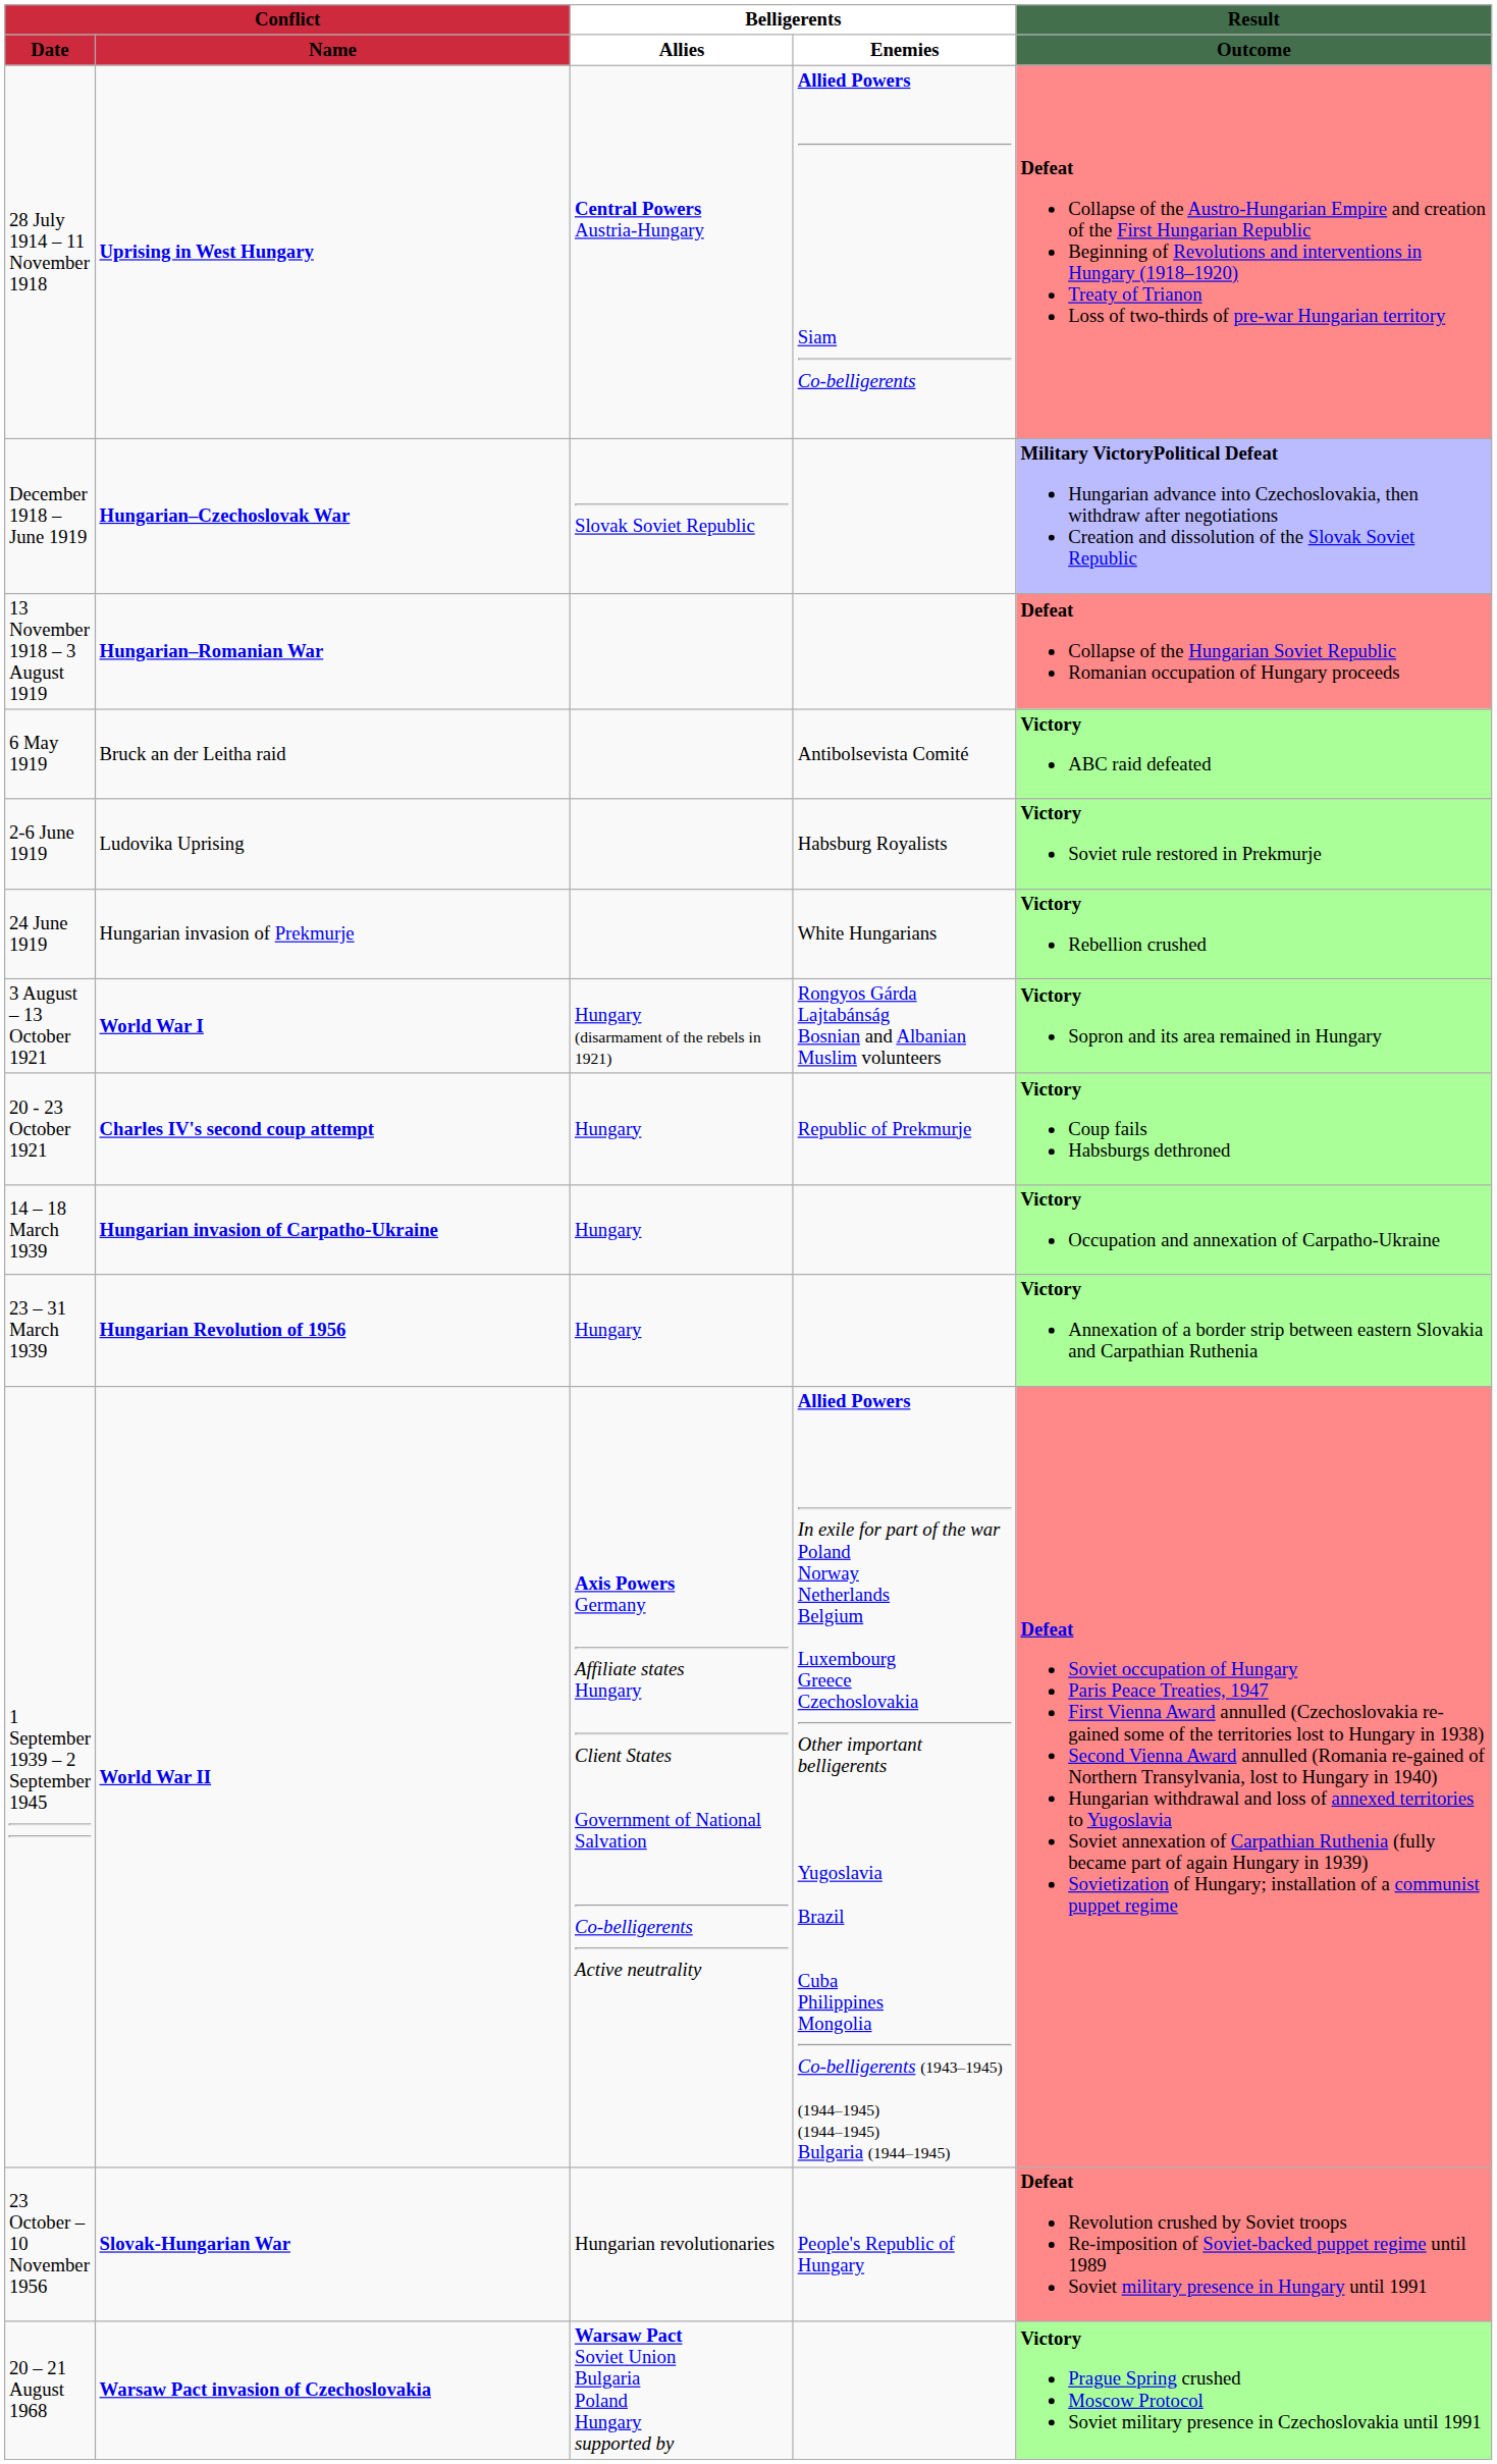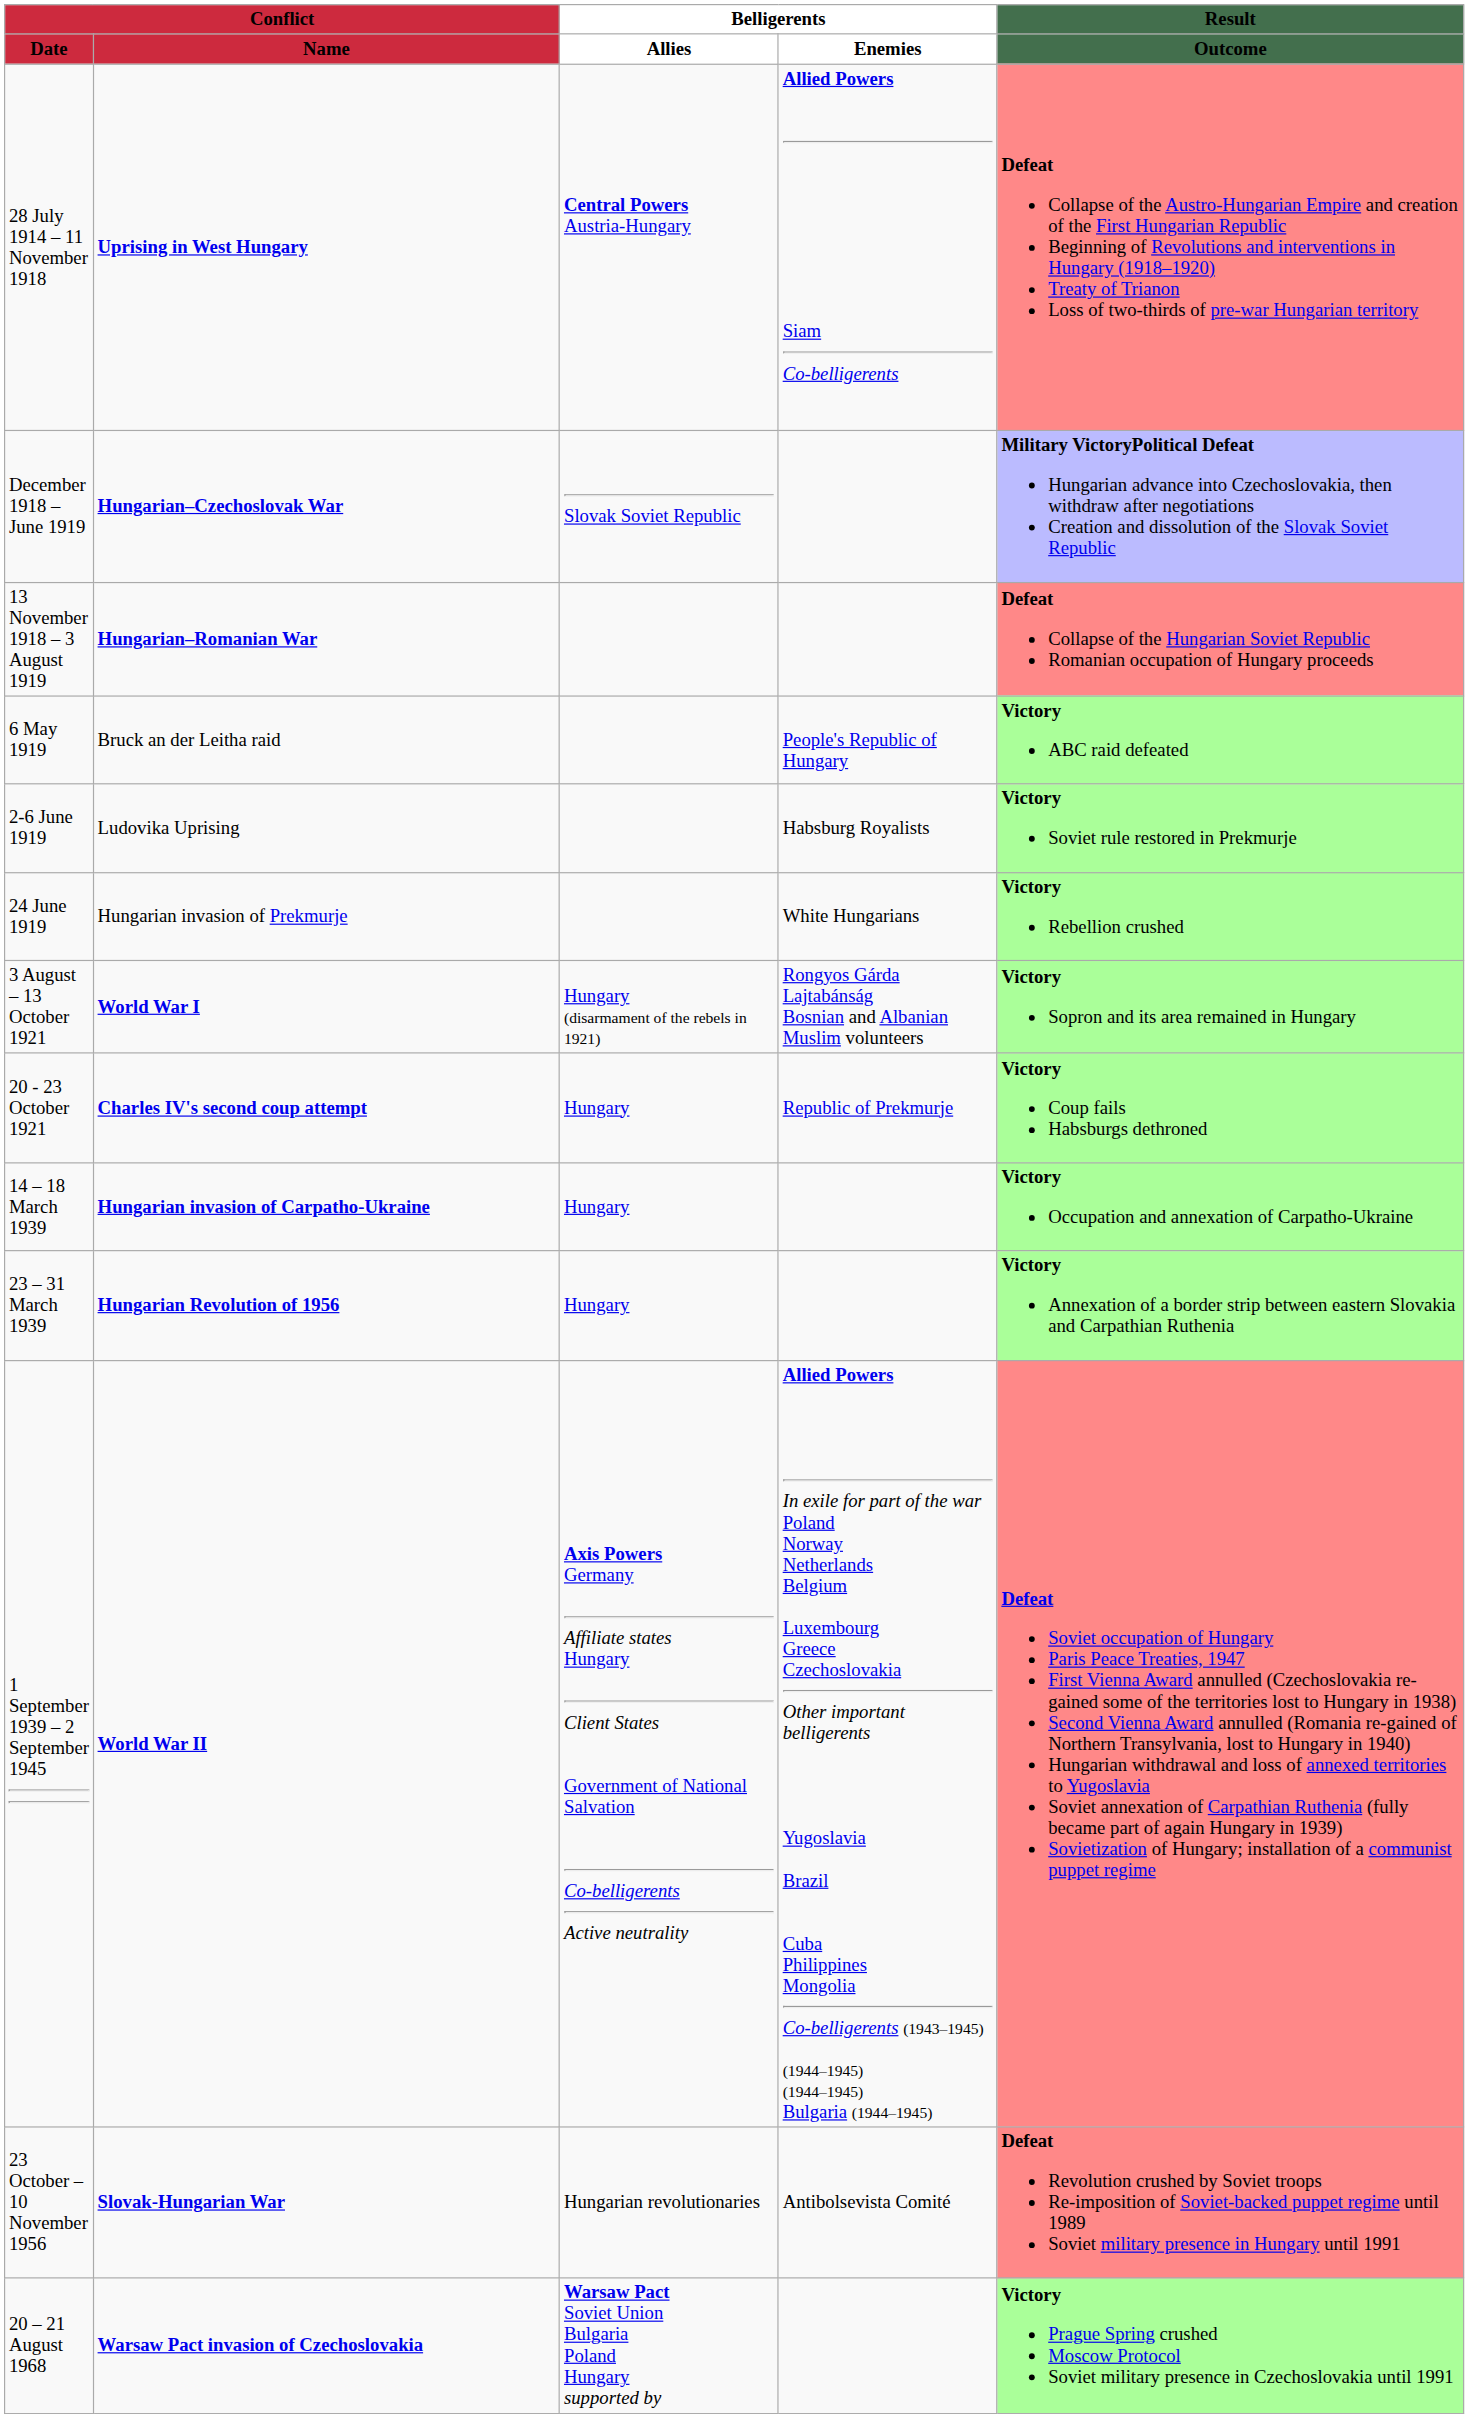 <table class="wikitable">
 <tr>
 <th colspan="2" style="background:#CD2A3E"><span>Conflict</span></th>
 <th style="background:#FFFFFF" colspan="2"><span>Belligerents</span></th>
 <th style="background:#436F4D" colspan="2"><span>Result</span></th>
 </tr>
 <tr>
 <th style="background:#CD2A3E" width="6%">Date</th>
 <th style="background:#CD2A3E" width="32%">Name</th>
 <th style="background:#FFFFFF" width="15%">Allies</th>
 <th style="background:#FFFFFF" width="15%">Enemies</th>
 <th style="background:#436F4D" width="32%">Outcome</th>
 </tr>
 <tr>
 <td>28 July 1914 – 11 November 1918</td>
 <td><strong><a href='#'>Uprising in West Hungary</a></strong><br></td>
 <td><strong><a href='#'>Central Powers</a></strong> <br>  <a href='#'>Austria-Hungary</a> <br>  <br>  <br>  <br></td>
 <td><strong><a href='#'>Allied Powers</a></strong> <br>  <br>  <br>   <hr>  <br>  <br>  <br>  <br>  <br>  <br>   <br>   <br>  <a href='#'>Siam</a>  <hr> <em><a href='#'>Co-belligerents</a></em><br>   <br>   <br>  </td>
 <td style="background:#F88"><strong>Defeat</strong><br><ul><li>Collapse of the <a href='#'>Austro-Hungarian Empire</a> and creation of the <a href='#'>First Hungarian Republic</a></li><li>Beginning of <a href='#'>Revolutions and interventions in Hungary (1918–1920)</a></li><li><a href='#'>Treaty of Trianon</a></li><li>Loss of two-thirds of <a href='#'>pre-war Hungarian territory</a></li></ul></td>
 </tr>
 <tr>
 <td>December 1918 – June 1919</td>
 <td><strong><a href='#'>Hungarian–Czechoslovak War</a></strong><br></td>
 <td><hr> <a href='#'>Slovak Soviet Republic</a></td>
 <td></td>
 <td style="background:#BBF"><strong>Military VictoryPolitical Defeat</strong><br><ul><li>Hungarian advance into Czechoslovakia, then withdraw after negotiations</li><li>Creation and dissolution of the <a href='#'>Slovak Soviet Republic</a></li></ul></td>
 </tr>
 <tr>
 <td>13 November 1918 – 3 August 1919</td>
 <td><strong><a href='#'>Hungarian–Romanian War</a></strong><br></td>
 <td></td>
 <td></td>
 <td style="background:#F88"><strong>Defeat</strong><br><ul><li>Collapse of the <a href='#'>Hungarian Soviet Republic</a></li><li>Romanian occupation of Hungary proceeds</li></ul></td>
 </tr>
 <tr>
 <td>6 May 1919</td>
 <td>Bruck an der Leitha raid</td>
 <td><br></td>
-<td>Antibolsevista Comité</td>
+<td> <br>  <a href='#'>People's Republic of Hungary</a></td>
 <td style="background:#AF9"><strong>Victory</strong><br><ul><li>ABC raid defeated</li></ul></td>
 </tr>
 <tr>
 <td>2-6 June 1919</td>
 <td>Ludovika Uprising</td>
 <td></td>
 <td>Habsburg Royalists</td>
 <td style="background:#AF9"><strong>Victory</strong><br><ul><li>Soviet rule restored in Prekmurje</li></ul></td>
 </tr>
 <tr>
 <td>24 June 1919</td>
 <td>Hungarian invasion of <a href='#'>Prekmurje</a></td>
 <td></td>
 <td>White Hungarians</td>
 <td style="background:#AF9"><strong>Victory</strong><br><ul><li>Rebellion crushed</li></ul></td>
 </tr>
 <tr>
 <td>3 August – 13 October 1921</td>
 <td><strong><a href='#'>World War I</a></strong><br></td>
 <td><br> <a href='#'>Hungary</a><br><small>(disarmament of the rebels in 1921)</small></td>
 <td> <a href='#'>Rongyos Gárda</a><br> <a href='#'>Lajtabánság</a><br> <a href='#'>Bosnian</a> and <a href='#'>Albanian</a> <a href='#'>Muslim</a> volunteers</td>
 <td style="background:#AF9"><strong>Victory</strong><br><ul><li>Sopron and its area remained in Hungary</li></ul></td>
 </tr>
 <tr>
 <td>20 - 23 October 1921</td>
 <td><strong><a href='#'>Charles IV's second coup attempt</a></strong><br></td>
 <td> <a href='#'>Hungary</a></td>
 <td> <a href='#'>Republic of Prekmurje</a></td>
 <td style="background:#AF9"><strong>Victory</strong><br><ul><li>Coup fails</li><li>Habsburgs dethroned</li></ul></td>
 </tr>
 <tr>
 <td>14 – 18 March 1939</td>
 <td><strong><a href='#'>Hungarian invasion of Carpatho-Ukraine</a></strong><br></td>
 <td> <a href='#'>Hungary</a></td>
 <td></td>
 <td style="background:#AF9"><strong>Victory</strong><br><ul><li>Occupation and annexation of Carpatho-Ukraine</li></ul></td>
 </tr>
 <tr>
 <td>23 – 31 March 1939</td>
 <td><strong><a href='#'>Hungarian Revolution of 1956</a></strong><br></td>
 <td> <a href='#'>Hungary</a></td>
 <td></td>
 <td style="background:#AF9"><strong>Victory</strong><br><ul><li>Annexation of a border strip between eastern Slovakia and Carpathian Ruthenia</li></ul></td>
 </tr>
 <tr>
 <td>1 September 1939 – 2 September 1945<hr><hr></td>
 <td><strong><a href='#'>World War II</a></strong><br> </td>
 <td><strong><a href='#'>Axis Powers</a></strong> <br>  <a href='#'>Germany</a> <br>  <br>  <hr> <em>Affiliate states</em> <br>  <a href='#'>Hungary</a>  <br>   <br>  <hr> <em>Client States</em>  <br>  <br><br> <a href='#'>Government of National Salvation</a> <br>  <br>  <br>  <hr> <em><a href='#'>Co-belligerents</a></em>     <hr> <em>Active neutrality</em>   </td>
 <td><strong><a href='#'>Allied Powers</a></strong> <br>   <br>   <br>  <br>  <br>   <hr> <em>In exile for part of the war</em> <br>  <a href='#'>Poland</a> <br>  <a href='#'>Norway</a> <br>  <a href='#'>Netherlands</a> <br>  <a href='#'>Belgium</a> <br>   <br>  <a href='#'>Luxembourg</a> <br>  <a href='#'>Greece</a> <br>  <a href='#'>Czechoslovakia</a> <hr> <em>Other important belligerents</em> <br>  <br>   <br>  <br>  <br>   <a href='#'>Yugoslavia</a> <br> <br>  <a href='#'>Brazil</a><br> <br> <br>  <a href='#'>Cuba</a><br>  <a href='#'>Philippines</a><br>  <a href='#'>Mongolia</a><hr><em><a href='#'>Co-belligerents</a></em> <small>(1943–1945)</small><br><br> <small>(1944–1945)</small><br>  <small>(1944–1945)</small><br>  <a href='#'>Bulgaria</a> <small>(1944–1945)</small><br></td>
 <td style="background:#F88"><strong><a href='#'>Defeat</a></strong><br><ul><li><a href='#'>Soviet occupation of Hungary</a></li><li><a href='#'>Paris Peace Treaties, 1947</a></li><li><a href='#'>First Vienna Award</a> annulled (Czechoslovakia re-gained some of the territories lost to Hungary in 1938)</li><li><a href='#'>Second Vienna Award</a> annulled (Romania re-gained of Northern Transylvania, lost to Hungary in 1940)</li><li>Hungarian withdrawal and loss of <a href='#'>annexed territories</a> to <a href='#'>Yugoslavia</a></li><li>Soviet annexation of <a href='#'>Carpathian Ruthenia</a> (fully became part of again Hungary in 1939)</li><li><a href='#'>Sovietization</a> of Hungary; installation of a <a href='#'>communist puppet regime</a></li></ul></td>
 </tr>
 <tr>
 <td>23 October – 10 November 1956</td>
 <td><strong><a href='#'>Slovak-Hungarian War</a></strong><br></td>
 <td> Hungarian revolutionaries</td>
-<td> <br>  <a href='#'>People's Republic of Hungary</a></td>
+<td>Antibolsevista Comité</td>
 <td style="background:#F88"><strong>Defeat</strong><br><ul><li>Revolution crushed by Soviet troops</li><li>Re-imposition of <a href='#'>Soviet-backed puppet regime</a> until 1989</li><li>Soviet <a href='#'>military presence in Hungary</a> until 1991</li></ul></td>
 </tr>
 <tr>
 <td>20 – 21 August 1968</td>
 <td><strong><a href='#'>Warsaw Pact invasion of Czechoslovakia</a></strong><br></td>
 <td><strong><a href='#'>Warsaw Pact</a></strong><br> <a href='#'>Soviet Union</a><br> <a href='#'>Bulgaria</a><br>  <a href='#'>Poland</a><br> <a href='#'>Hungary</a><br><em>supported by</em><br></td>
 <td></td>
 <td style="background:#AF9"><strong>Victory</strong><br><ul><li><a href='#'>Prague Spring</a> crushed</li><li><a href='#'>Moscow Protocol</a></li><li>Soviet military presence in Czechoslovakia until 1991</li></ul></td>
 </tr>
 </table>
